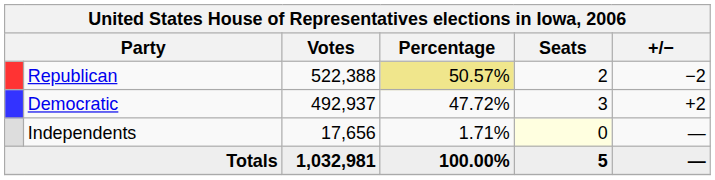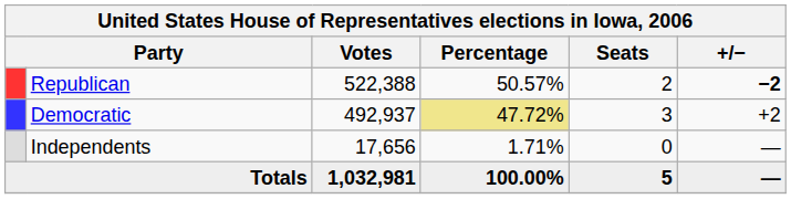 <table class="wikitable" style="font-size: 95%;">
 <tr>
 <th colspan="6">United States House of Representatives elections in Iowa, 2006</th>
 </tr>
 <tr>
 <th colspan=2 style="width: 15em">Party</th>
 <th style="width: 5em">Votes</th>
 <th style="width: 7em">Percentage</th>
 <th style="width: 5em">Seats</th>
 <th style="width: 5em">+/−</th>
 </tr>
 <tr>
 <th style="background-color:#FF3333; width: 3px"></th>
 <td style="width: 130px"><a href='#'>Republican</a></td>
 <td align="right">522,388</td>
-<td align="right" style="background: khaki;">50.57%</td>
+<td align="right">50.57%</td>
 <td align="right">2</td>
-<td align="right">−2</td>
+<td align="right"><strong>−2</strong></td>
 </tr>
 <tr>
 <th style="background-color:#3333FF; width: 3px"></th>
 <td style="width: 130px"><a href='#'>Democratic</a></td>
 <td align="right">492,937</td>
-<td align="right">47.72%</td>
+<td align="right" style="background: khaki;">47.72%</td>
 <td align="right">3</td>
 <td align="right">+2</td>
 </tr>
 <tr>
 <th style="background-color:#DDDDDD; width: 3px"></th>
 <td style="width: 130px">Independents</td>
 <td align="right">17,656</td>
 <td align="right">1.71%</td>
-<td align="right" style="background: lightyellow;">0</td>
+<td align="right">0</td>
 <td align="right">—</td>
 </tr>
 <tr bgcolor="#EEEEEE">
 <td colspan="2" align="right"><strong>Totals</strong></td>
 <td align="right"><strong>1,032,981</strong></td>
 <td align="right"><strong>100.00%</strong></td>
 <td align="right"><strong>5</strong></td>
 <td align="right"><strong>—</strong></td>
 </tr>
 <tr bgcolor="#EEEEEE">
 </tr>
 </table>
